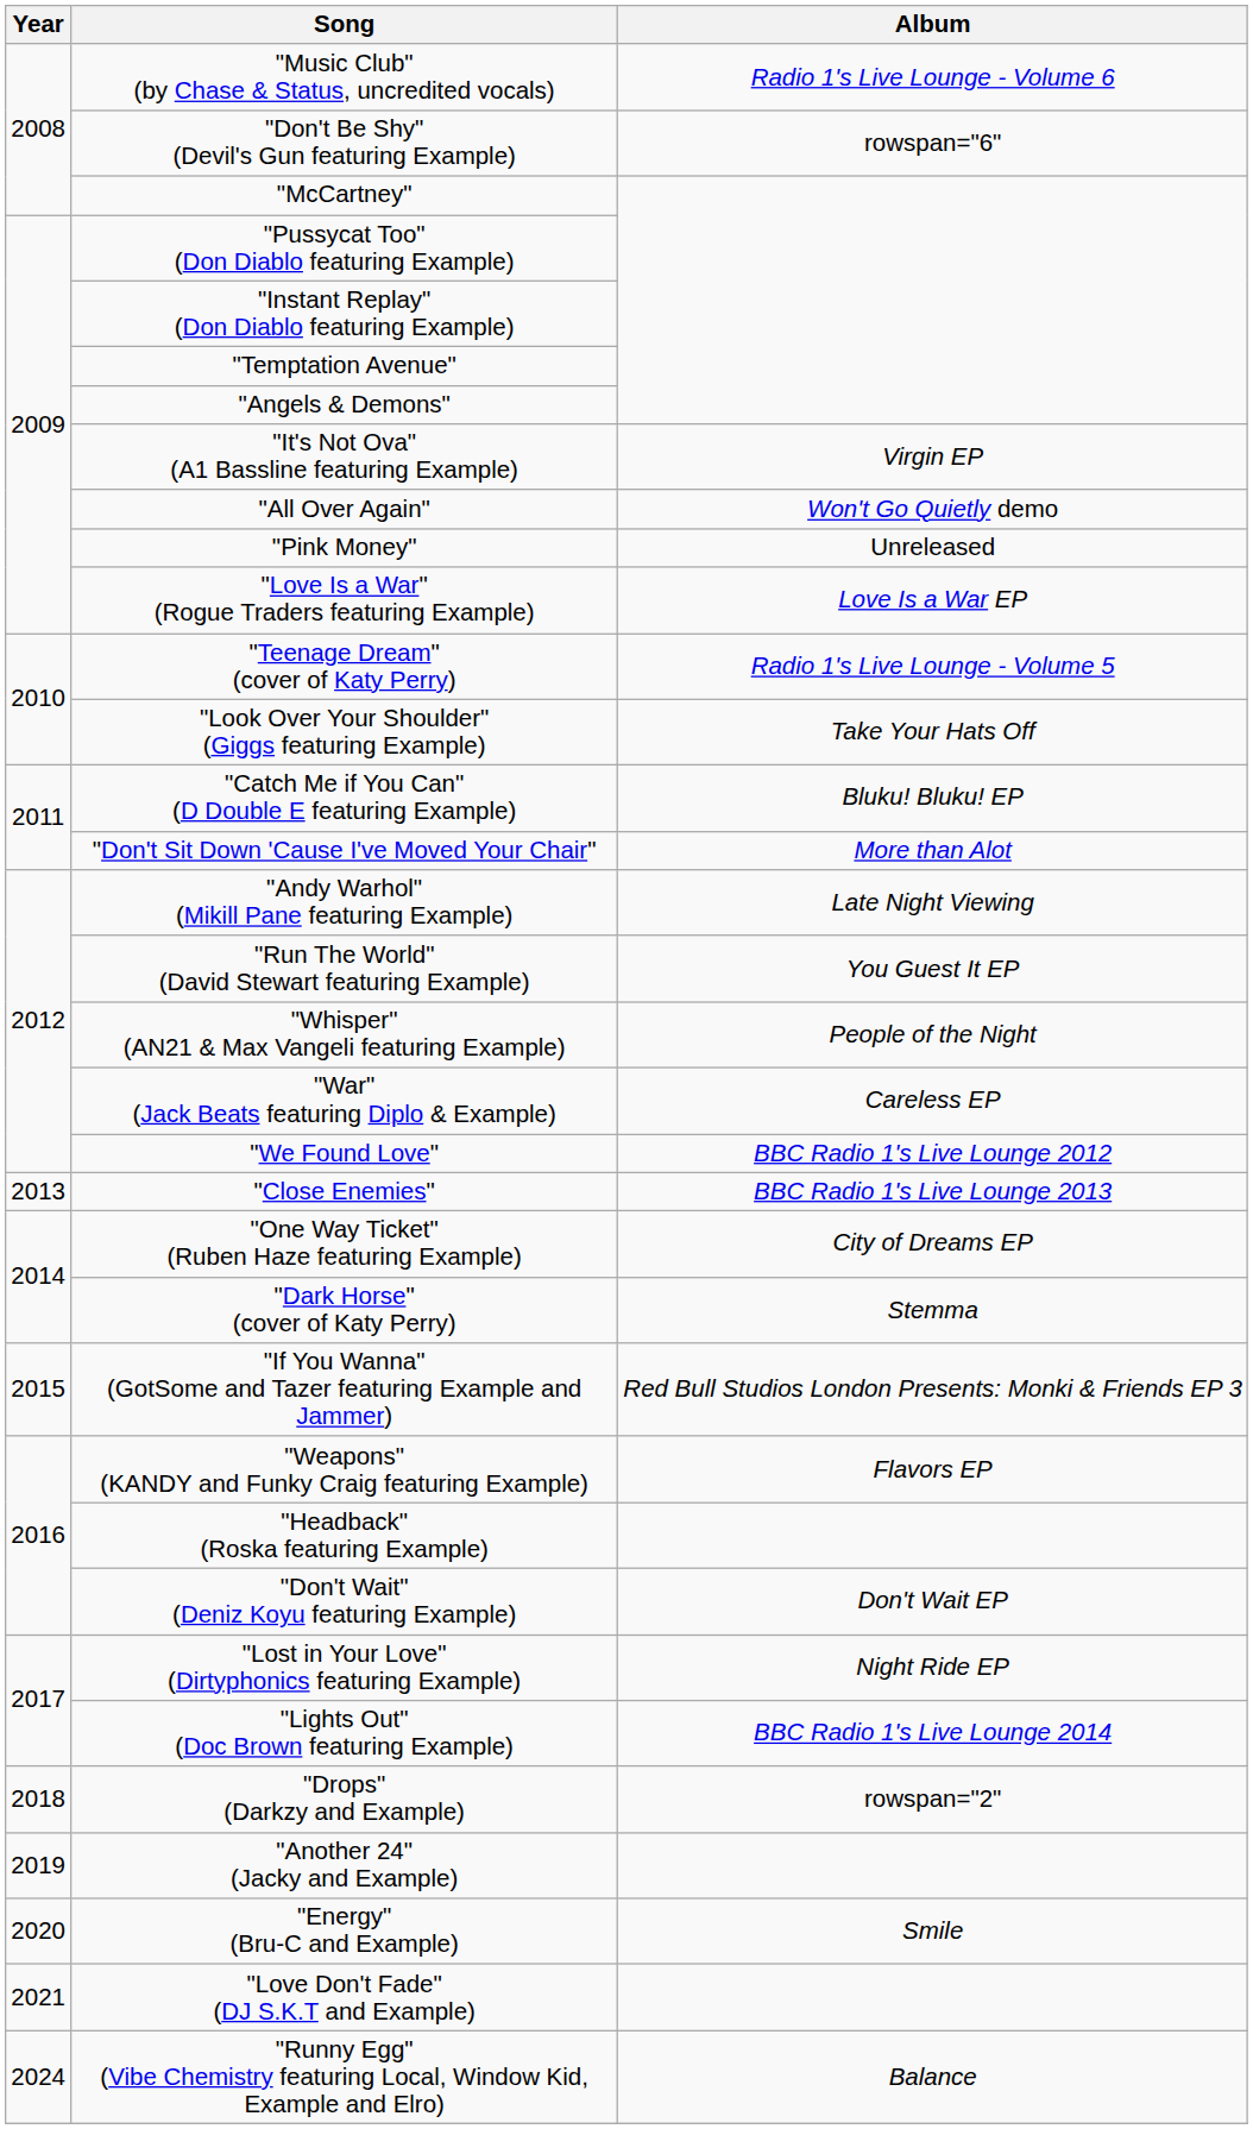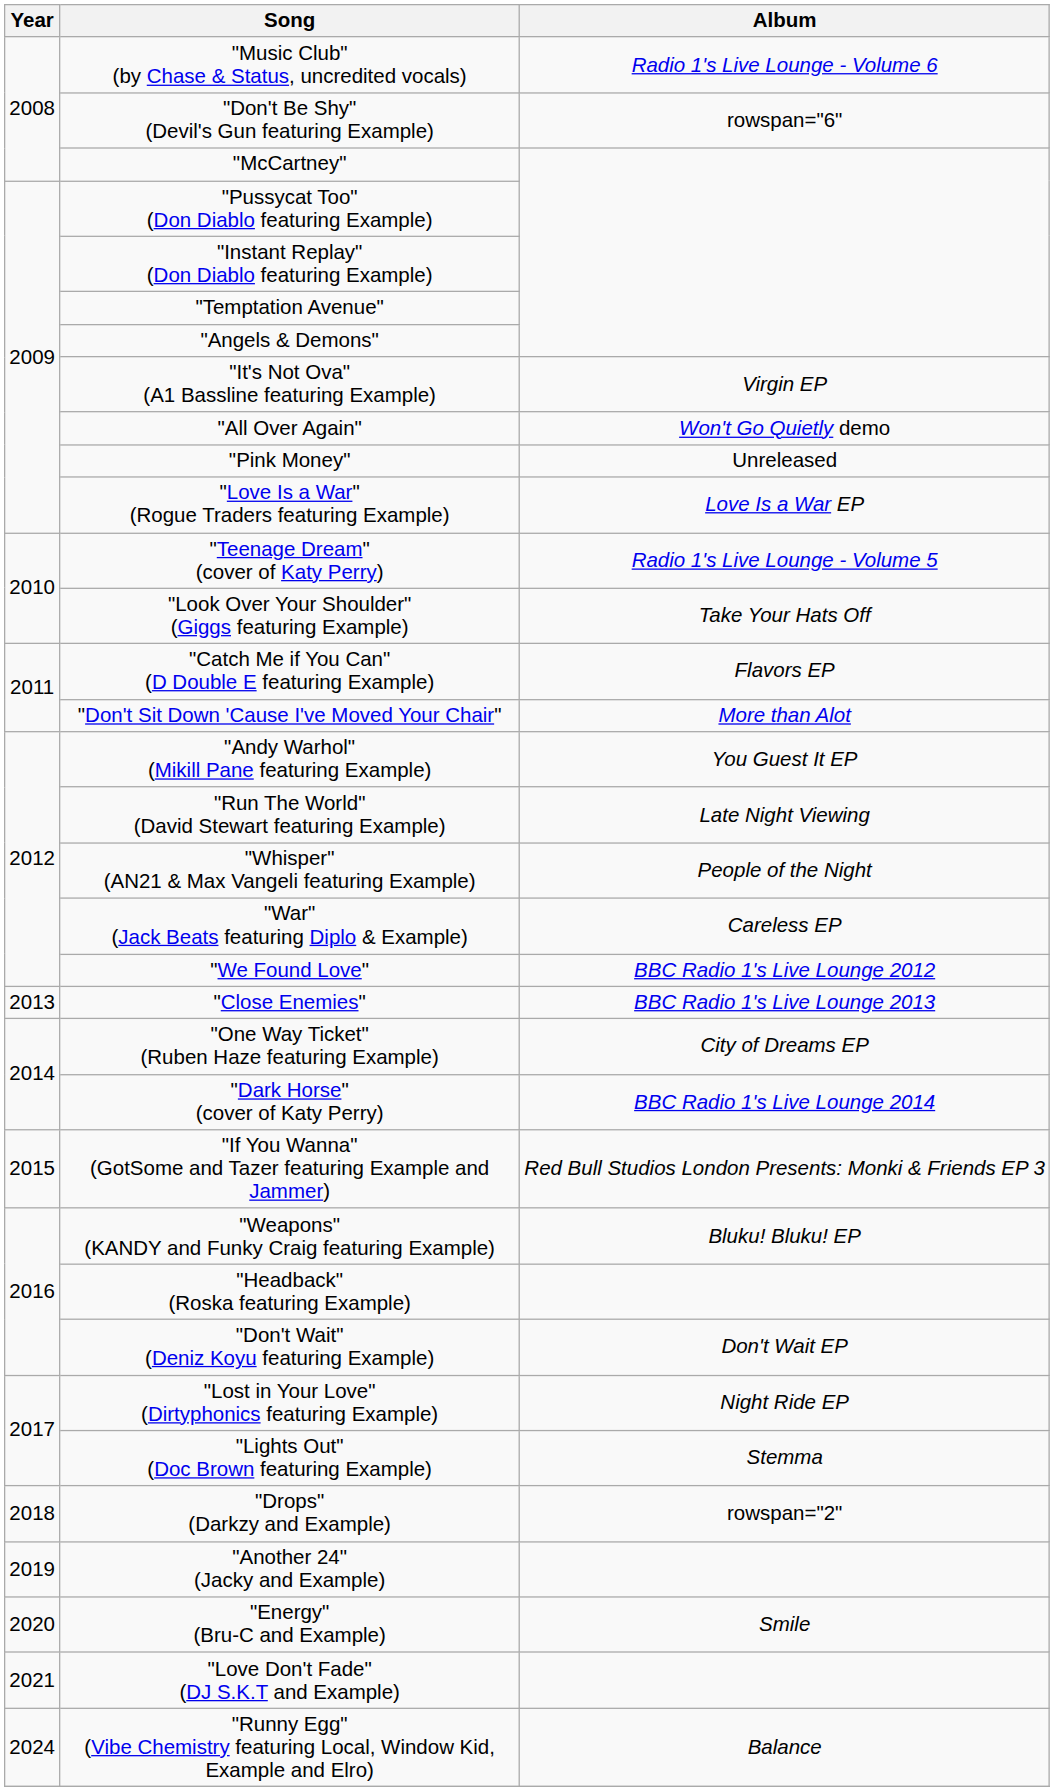 <table class="wikitable plainrowheaders" style="text-align:center;">
 <tr>
 <th scope="col">Year</th>
 <th scope="col" style="width:22em;">Song</th>
 <th scope="col">Album</th>
 </tr>
 <tr>
 <td rowspan="3">2008</td>
 <td>"Music Club"<br><span>(by <a href='#'>Chase & Status</a>, uncredited vocals)</span></td>
 <td><em><a href='#'>Radio 1's Live Lounge - Volume 6</a></em></td>
 </tr>
 <tr>
 <td>"Don't Be Shy"<br><span>(Devil's Gun featuring Example)</span></td>
 <td>rowspan="6" </td>
 </tr>
 <tr>
 <td>"McCartney"</td>
 </tr>
 <tr>
 <td rowspan="8">2009</td>
 <td>"Pussycat Too"<br><span>(<a href='#'>Don Diablo</a> featuring Example)</span></td>
 </tr>
 <tr>
 <td>"Instant Replay"<br><span>(<a href='#'>Don Diablo</a> featuring Example)</span></td>
 </tr>
 <tr>
 <td>"Temptation Avenue"</td>
 </tr>
 <tr>
 <td>"Angels & Demons"</td>
 </tr>
 <tr>
 <td>"It's Not Ova"<br><span>(A1 Bassline featuring Example)</span></td>
 <td><em>Virgin EP</em></td>
 </tr>
 <tr>
 <td>"All Over Again"</td>
 <td><em><a href='#'>Won't Go Quietly</a></em> demo</td>
 </tr>
 <tr>
 <td>"Pink Money"</td>
 <td>Unreleased</td>
 </tr>
 <tr>
 <td>"<a href='#'>Love Is a War</a>"<br><span>(Rogue Traders featuring Example)</span></td>
 <td><em><a href='#'>Love Is a War</a> EP</em></td>
 </tr>
 <tr>
 <td rowspan="2">2010</td>
 <td>"<a href='#'>Teenage Dream</a>"<br><span>(cover of <a href='#'>Katy Perry</a>)</span></td>
 <td><em><a href='#'>Radio 1's Live Lounge - Volume 5</a></em></td>
 </tr>
 <tr>
 <td>"Look Over Your Shoulder"<br><span>(<a href='#'>Giggs</a> featuring Example)</span></td>
 <td><em>Take Your Hats Off</em></td>
 </tr>
 <tr>
 <td rowspan="2">2011</td>
 <td>"Catch Me if You Can"<br><span>(<a href='#'>D Double E</a> featuring Example)</span></td>
-<td><em>Bluku! Bluku! EP</em></td>
+<td><em>Flavors EP</em></td>
 </tr>
 <tr>
 <td>"<a href='#'>Don't Sit Down 'Cause I've Moved Your Chair</a>"</td>
 <td><em><a href='#'>More than Alot</a></em></td>
 </tr>
 <tr>
 <td rowspan="5">2012</td>
 <td>"Andy Warhol"<br><span>(<a href='#'>Mikill Pane</a> featuring Example)</span></td>
-<td><em>Late Night Viewing</em></td>
+<td><em>You Guest It EP</em></td>
 </tr>
 <tr>
 <td>"Run The World"<br><span>(David Stewart featuring Example)</span></td>
-<td><em>You Guest It EP</em></td>
+<td><em>Late Night Viewing</em></td>
 </tr>
 <tr>
 <td>"Whisper"<br><span>(AN21 & Max Vangeli featuring Example)</span></td>
 <td><em>People of the Night</em></td>
 </tr>
 <tr>
 <td>"War"<br><span>(<a href='#'>Jack Beats</a> featuring <a href='#'>Diplo</a> & Example)</span></td>
 <td><em>Careless EP</em></td>
 </tr>
 <tr>
 <td>"<a href='#'>We Found Love</a>"</td>
 <td><em><a href='#'>BBC Radio 1's Live Lounge 2012</a></em></td>
 </tr>
 <tr>
 <td>2013</td>
 <td>"<a href='#'>Close Enemies</a>"</td>
 <td><em><a href='#'>BBC Radio 1's Live Lounge 2013</a></em></td>
 </tr>
 <tr>
 <td rowspan=2>2014</td>
 <td>"One Way Ticket"<br><span>(Ruben Haze featuring Example)</span></td>
 <td><em>City of Dreams EP</em></td>
 </tr>
 <tr>
 <td>"<a href='#'>Dark Horse</a>"<br><span>(cover of Katy Perry)</span></td>
-<td><em>Stemma</em></td>
+<td><em><a href='#'>BBC Radio 1's Live Lounge 2014</a></em></td>
 </tr>
 <tr>
 <td>2015</td>
 <td>"If You Wanna"<br><span>(GotSome and Tazer featuring Example and <a href='#'>Jammer</a>)</span></td>
 <td><em>Red Bull Studios London Presents: Monki & Friends EP 3</em></td>
 </tr>
 <tr>
 <td rowspan=3>2016</td>
 <td>"Weapons"<br><span>(KANDY and Funky Craig featuring Example)</span></td>
-<td><em>Flavors EP</em></td>
+<td><em>Bluku! Bluku! EP</em></td>
 </tr>
 <tr>
 <td>"Headback"<br><span>(Roska featuring Example)</span></td>
 <td></td>
 </tr>
 <tr>
 <td>"Don't Wait"<br><span>(<a href='#'>Deniz Koyu</a> featuring Example)</span></td>
 <td><em>Don't Wait EP</em></td>
 </tr>
 <tr>
 <td rowspan=2>2017</td>
 <td>"Lost in Your Love"<br><span>(<a href='#'>Dirtyphonics</a> featuring Example)</span></td>
 <td><em>Night Ride EP</em></td>
 </tr>
 <tr>
 <td>"Lights Out"<br><span>(<a href='#'>Doc Brown</a> featuring Example)</span></td>
-<td><em><a href='#'>BBC Radio 1's Live Lounge 2014</a></em></td>
+<td><em>Stemma</em></td>
 </tr>
 <tr>
 <td rowspan=1>2018</td>
 <td>"Drops"<br><span>(Darkzy and Example)</span></td>
 <td>rowspan="2" </td>
 </tr>
 <tr>
 <td>2019</td>
 <td>"Another 24"<br><span>(Jacky and Example)</span></td>
 </tr>
 <tr>
 <td>2020</td>
 <td>"Energy"<br><span>(Bru-C and Example)</span></td>
 <td><em>Smile</em></td>
 </tr>
 <tr>
 <td>2021</td>
 <td>"Love Don't Fade"<br><span>(<a href='#'>DJ S.K.T</a> and Example)</span></td>
 <td></td>
 </tr>
 <tr>
 <td>2024</td>
 <td>"Runny Egg"<br><span>(<a href='#'>Vibe Chemistry</a> featuring Local, Window Kid, Example and Elro)</span></td>
 <td><em>Balance</em></td>
 </tr>
 <tr>
 </tr>
 </table>
